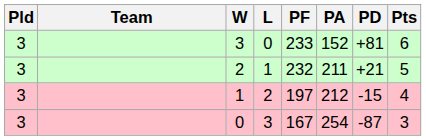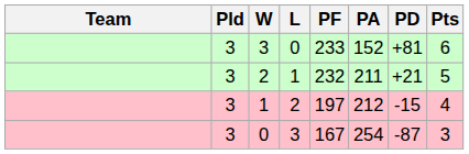 <table class="wikitable" style="text-align:center;">
 <tr>
+<th width=175>Team</th>
 <th width=20  abbr="Played">Pld</th>
-<th width=175>Team</th>
 <th width=20  abbr="Won">W</th>
 <th width=20  abbr="Lost">L</th>
 <th width=20  abbr="Points">PF</th>
 <th width=20  abbr="Points Against">PA</th>
 <th width=25  abbr="Points Difference">PD</th>
 <th width=20  abbr="Points">Pts</th>
 </tr>
 <tr bgcolor="ccffcc">
+<td style="text-align:left"></td>
 <td>3</td>
-<td style="text-align:left"></td>
 <td>3</td>
 <td>0</td>
 <td>233</td>
 <td>152</td>
 <td>+81</td>
 <td>6</td>
 </tr>
 <tr bgcolor="ccffcc">
+<td style="text-align:left"></td>
 <td>3</td>
-<td style="text-align:left"></td>
 <td>2</td>
 <td>1</td>
 <td>232</td>
 <td>211</td>
 <td>+21</td>
 <td>5</td>
 </tr>
 <tr bgcolor="pink">
+<td style="text-align:left"></td>
 <td>3</td>
-<td style="text-align:left"></td>
 <td>1</td>
 <td>2</td>
 <td>197</td>
 <td>212</td>
 <td>-15</td>
 <td>4</td>
 </tr>
 <tr bgcolor="pink">
+<td style="text-align:left"></td>
 <td>3</td>
-<td style="text-align:left"></td>
 <td>0</td>
 <td>3</td>
 <td>167</td>
 <td>254</td>
 <td>-87</td>
 <td>3</td>
 </tr>
 </table>
